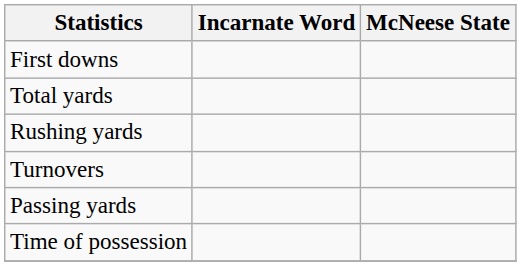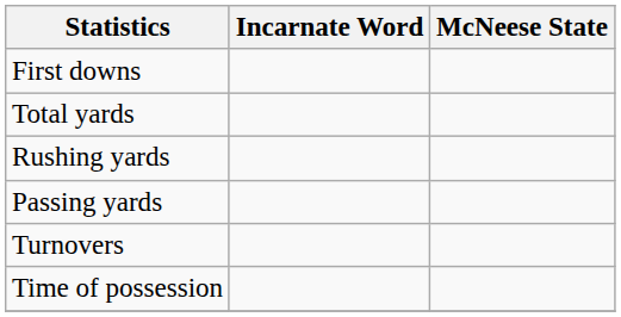 <table class="wikitable">
 <tr>
 <th>Statistics</th>
 <th>Incarnate Word</th>
 <th>McNeese State</th>
 </tr>
 <tr>
 <td>First downs</td>
 <td> </td>
 <td> </td>
 </tr>
 <tr>
 <td>Total yards</td>
 <td> </td>
 <td> </td>
 </tr>
 <tr>
 <td>Rushing yards</td>
 <td> </td>
 <td> </td>
 </tr>
 <tr>
-<td>Turnovers</td>
+<td>Passing yards</td>
 <td> </td>
 <td> </td>
 </tr>
 <tr>
-<td>Passing yards</td>
+<td>Turnovers</td>
 <td> </td>
 <td> </td>
 </tr>
 <tr>
 <td>Time of possession</td>
 <td> </td>
 <td> </td>
 </tr>
 <tr>
 </tr>
 </table>
